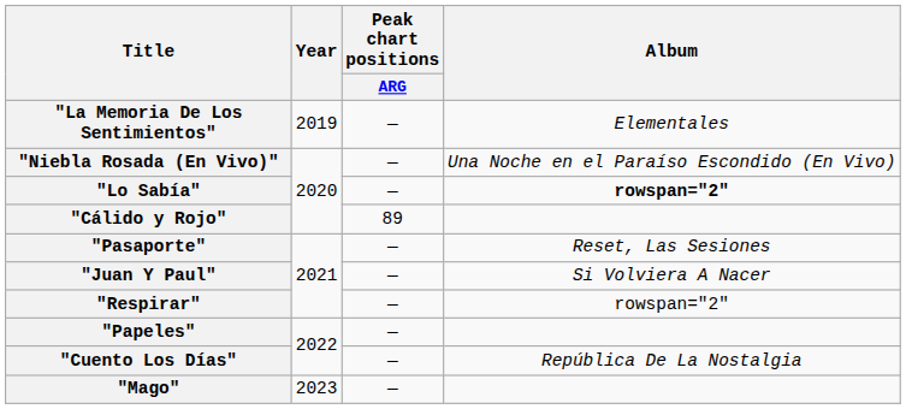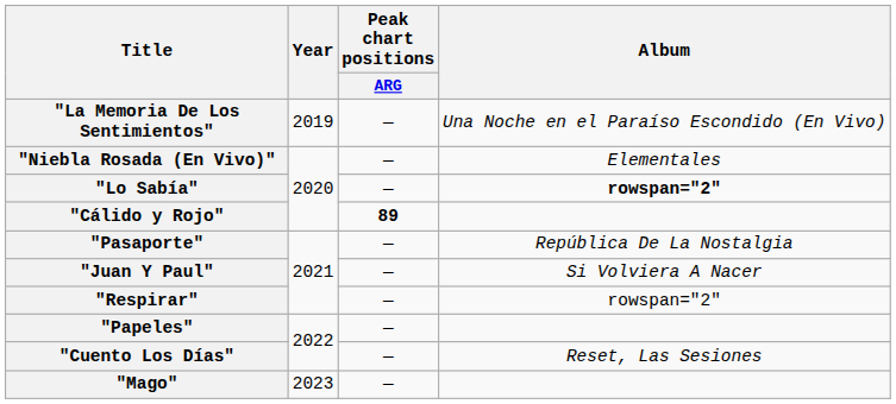 <table class="wikitable plainrowheaders" style="text-align:center;">
 <tr>
 <th scope="col" rowspan="2" style="width:16em;">Title</th>
 <th scope="col" rowspan="2">Year</th>
 <th scope="col" colspan="1">Peak chart positions</th>
 <th scope="col" rowspan="2">Album</th>
 </tr>
 <tr>
 <th scope="col" style="width:3em;font-size:90%;"><a href='#'>ARG</a><br></th>
 </tr>
 <tr>
 <th scope="row">"La Memoria De Los Sentimientos"<br></th>
 <td>2019</td>
 <td>—</td>
-<td><em>Elementales</em></td>
+<td><em>Una Noche en el Paraíso Escondido (En Vivo)</em></td>
 </tr>
 <tr>
 <th scope="row">"Niebla Rosada (En Vivo)"<br></th>
 <td rowspan="3">2020</td>
 <td>—</td>
-<td><em>Una Noche en el Paraíso Escondido (En Vivo)</em></td>
+<td><em>Elementales</em></td>
 </tr>
 <tr>
 <th scope="row">"Lo Sabía"<br></th>
 <td>—</td>
 <td><strong>rowspan="2" </strong></td>
 </tr>
 <tr>
 <th scope="row">"Cálido y Rojo"<br></th>
-<td>89</td>
+<td><strong>89</strong></td>
 </tr>
 <tr>
 <th scope="row">"Pasaporte"<br></th>
 <td rowspan="3">2021</td>
 <td>—</td>
-<td><em>Reset, Las Sesiones</em></td>
+<td><em>República De La Nostalgia</em></td>
 </tr>
 <tr>
 <th scope="row">"Juan Y Paul"<br></th>
 <td>—</td>
 <td><em>Si Volviera A Nacer</em></td>
 </tr>
 <tr>
 <th scope="row">"Respirar"<br></th>
 <td>—</td>
 <td>rowspan="2" </td>
 </tr>
 <tr>
 <th scope="row">"Papeles"<br></th>
 <td rowspan="2">2022</td>
 <td>—</td>
 </tr>
 <tr>
 <th scope="row">"Cuento Los Días"<br></th>
 <td>—</td>
-<td><em>República De La Nostalgia</em></td>
+<td><em>Reset, Las Sesiones</em></td>
 </tr>
 <tr>
 <th scope="row">"Mago"<br></th>
 <td>2023</td>
 <td>—</td>
 <td></td>
 </tr>
 </table>
